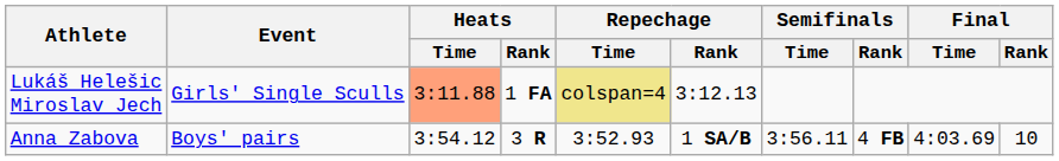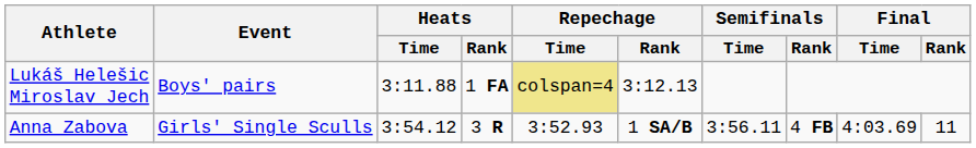 <table class="wikitable" style="font-size:90%">
 <tr>
 <th rowspan="2">Athlete</th>
 <th rowspan="2">Event</th>
 <th colspan="2">Heats</th>
 <th colspan="2">Repechage</th>
 <th colspan="2">Semifinals</th>
 <th colspan="2">Final</th>
 </tr>
 <tr style="font-size:95%">
 <th>Time</th>
 <th>Rank</th>
 <th>Time</th>
 <th>Rank</th>
 <th>Time</th>
 <th>Rank</th>
 <th>Time</th>
 <th>Rank</th>
 </tr>
 <tr align=center>
 <td align=left><a href='#'>Lukáš Helešic</a><br><a href='#'>Miroslav Jech</a></td>
-<td align=left><a href='#'>Girls' Single Sculls</a></td>
-<td style="background: lightsalmon;">3:11.88</td>
+<td align=left><a href='#'>Boys' pairs</a></td>
+<td>3:11.88</td>
 <td>1 <strong>FA</strong></td>
 <td style="background: khaki;">colspan=4 </td>
 <td>3:12.13</td>
 <td></td>
 </tr>
 <tr align=center>
 <td align=left><a href='#'>Anna Zabova</a></td>
-<td align=left><a href='#'>Boys' pairs</a></td>
+<td align=left><a href='#'>Girls' Single Sculls</a></td>
 <td>3:54.12</td>
 <td>3 <strong>R</strong></td>
 <td>3:52.93</td>
 <td>1 <strong>SA/B</strong></td>
 <td>3:56.11</td>
 <td>4 <strong>FB</strong></td>
 <td>4:03.69</td>
-<td>10</td>
+<td>11</td>
 </tr>
 </table>
